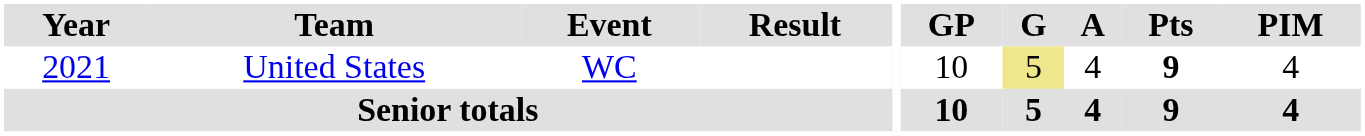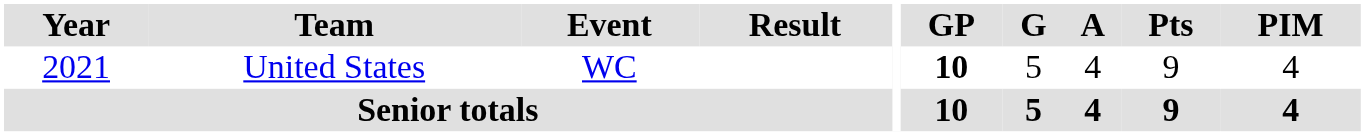 <table border="0" cellpadding="1" cellspacing="0" ID="Table3" style="text-align:center; width:40em;">
 <tr bgcolor="#e0e0e0">
 <th>Year</th>
 <th>Team</th>
 <th>Event</th>
 <th>Result</th>
 <th rowspan="99" bgcolor="#ffffff"></th>
 <th>GP</th>
 <th>G</th>
 <th>A</th>
 <th>Pts</th>
 <th>PIM</th>
 </tr>
 <tr>
 <td><a href='#'>2021</a></td>
 <td><a href='#'>United States</a></td>
 <td><a href='#'>WC</a></td>
 <td></td>
-<td>10</td>
-<td style="background: khaki;">5</td>
+<td><strong>10</strong></td>
+<td>5</td>
 <td>4</td>
-<td><strong>9</strong></td>
+<td>9</td>
 <td>4</td>
 </tr>
 <tr bgcolor="#e0e0e0">
 <th colspan="4">Senior totals</th>
 <th>10</th>
 <th>5</th>
 <th>4</th>
 <th>9</th>
 <th>4</th>
 </tr>
 </table>
